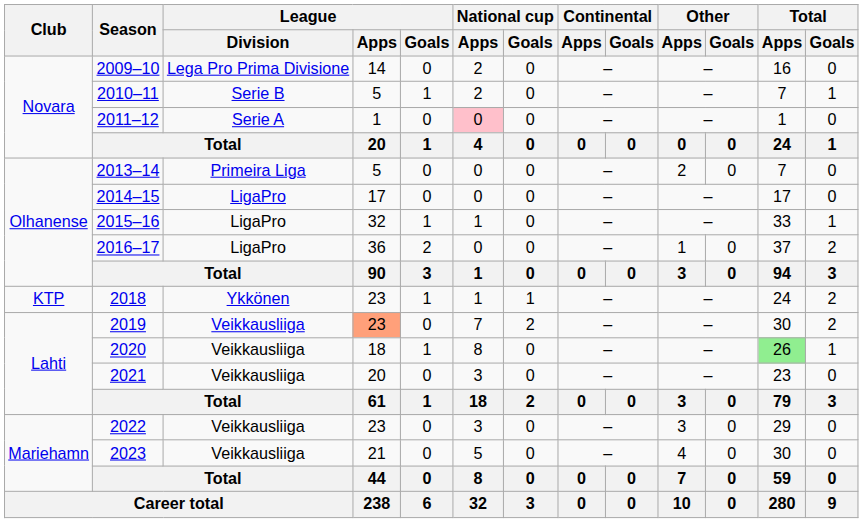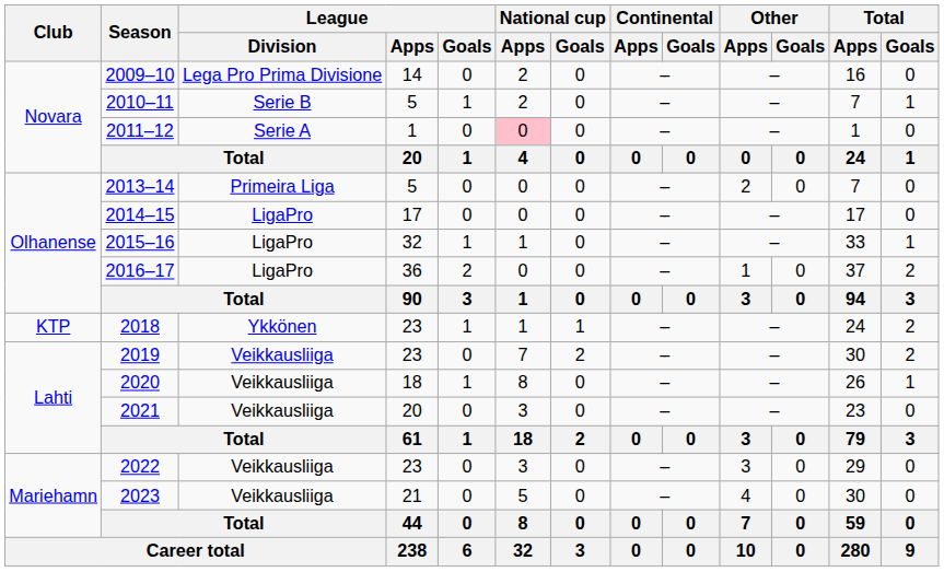 <table class="wikitable" style="text-align:center">
 <tr>
 <th rowspan="2">Club</th>
 <th rowspan="2">Season</th>
 <th colspan="3">League</th>
 <th colspan="2">National cup</th>
 <th colspan="2">Continental</th>
 <th colspan="2">Other</th>
 <th colspan="2">Total</th>
 </tr>
 <tr>
 <th>Division</th>
 <th>Apps</th>
 <th>Goals</th>
 <th>Apps</th>
 <th>Goals</th>
 <th>Apps</th>
 <th>Goals</th>
 <th>Apps</th>
 <th>Goals</th>
 <th>Apps</th>
 <th>Goals</th>
 </tr>
 <tr>
 <td rowspan="4"><a href='#'>Novara</a></td>
 <td><a href='#'>2009–10</a></td>
 <td><a href='#'>Lega Pro Prima Divisione</a></td>
 <td>14</td>
 <td>0</td>
 <td>2</td>
 <td>0</td>
 <td colspan=2>–</td>
 <td colspan=2>–</td>
 <td>16</td>
 <td>0</td>
 </tr>
 <tr>
 <td><a href='#'>2010–11</a></td>
 <td><a href='#'>Serie B</a></td>
 <td>5</td>
 <td>1</td>
 <td>2</td>
 <td>0</td>
 <td colspan=2>–</td>
 <td colspan=2>–</td>
 <td>7</td>
 <td>1</td>
 </tr>
 <tr>
 <td><a href='#'>2011–12</a></td>
 <td><a href='#'>Serie A</a></td>
 <td>1</td>
 <td>0</td>
 <td style="background: pink;">0</td>
 <td>0</td>
 <td colspan=2>–</td>
 <td colspan=2>–</td>
 <td>1</td>
 <td>0</td>
 </tr>
 <tr>
 <th colspan="2">Total</th>
 <th>20</th>
 <th>1</th>
 <th>4</th>
 <th>0</th>
 <th>0</th>
 <th>0</th>
 <th>0</th>
 <th>0</th>
 <th>24</th>
 <th>1</th>
 </tr>
 <tr>
 <td rowspan=5><a href='#'>Olhanense</a></td>
 <td><a href='#'>2013–14</a></td>
 <td><a href='#'>Primeira Liga</a></td>
 <td>5</td>
 <td>0</td>
 <td>0</td>
 <td>0</td>
 <td colspan=2>–</td>
 <td>2</td>
 <td>0</td>
 <td>7</td>
 <td>0</td>
 </tr>
 <tr>
 <td><a href='#'>2014–15</a></td>
 <td><a href='#'>LigaPro</a></td>
 <td>17</td>
 <td>0</td>
 <td>0</td>
 <td>0</td>
 <td colspan=2>–</td>
 <td colspan=2>–</td>
 <td>17</td>
 <td>0</td>
 </tr>
 <tr>
 <td><a href='#'>2015–16</a></td>
 <td>LigaPro</td>
 <td>32</td>
 <td>1</td>
 <td>1</td>
 <td>0</td>
 <td colspan=2>–</td>
 <td colspan=2>–</td>
 <td>33</td>
 <td>1</td>
 </tr>
 <tr>
 <td><a href='#'>2016–17</a></td>
 <td>LigaPro</td>
 <td>36</td>
 <td>2</td>
 <td>0</td>
 <td>0</td>
 <td colspan=2>–</td>
 <td>1</td>
 <td>0</td>
 <td>37</td>
 <td>2</td>
 </tr>
 <tr>
 <th colspan="2">Total</th>
 <th>90</th>
 <th>3</th>
 <th>1</th>
 <th>0</th>
 <th>0</th>
 <th>0</th>
 <th>3</th>
 <th>0</th>
 <th>94</th>
 <th>3</th>
 </tr>
 <tr>
 <td><a href='#'>KTP</a></td>
 <td><a href='#'>2018</a></td>
 <td><a href='#'>Ykkönen</a></td>
 <td>23</td>
 <td>1</td>
 <td>1</td>
 <td>1</td>
 <td colspan=2>–</td>
 <td colspan=2>–</td>
 <td>24</td>
 <td>2</td>
 </tr>
 <tr>
 <td rowspan="4"><a href='#'>Lahti</a></td>
 <td><a href='#'>2019</a></td>
 <td><a href='#'>Veikkausliiga</a></td>
-<td style="background: lightsalmon;">23</td>
+<td>23</td>
 <td>0</td>
 <td>7</td>
 <td>2</td>
 <td colspan=2>–</td>
 <td colspan=2>–</td>
 <td>30</td>
 <td>2</td>
 </tr>
 <tr>
 <td><a href='#'>2020</a></td>
 <td>Veikkausliiga</td>
 <td>18</td>
 <td>1</td>
 <td>8</td>
 <td>0</td>
 <td colspan=2>–</td>
 <td colspan=2>–</td>
-<td style="background: lightgreen;">26</td>
+<td>26</td>
 <td>1</td>
 </tr>
 <tr>
 <td><a href='#'>2021</a></td>
 <td>Veikkausliiga</td>
 <td>20</td>
 <td>0</td>
 <td>3</td>
 <td>0</td>
 <td colspan=2>–</td>
 <td colspan=2>–</td>
 <td>23</td>
 <td>0</td>
 </tr>
 <tr>
 <th colspan="2">Total</th>
 <th>61</th>
 <th>1</th>
 <th>18</th>
 <th>2</th>
 <th>0</th>
 <th>0</th>
 <th>3</th>
 <th>0</th>
 <th>79</th>
 <th>3</th>
 </tr>
 <tr>
 <td rowspan=3><a href='#'>Mariehamn</a></td>
 <td><a href='#'>2022</a></td>
 <td>Veikkausliiga</td>
 <td>23</td>
 <td>0</td>
 <td>3</td>
 <td>0</td>
 <td colspan=2>–</td>
 <td>3</td>
 <td>0</td>
 <td>29</td>
 <td>0</td>
 </tr>
 <tr>
 <td><a href='#'>2023</a></td>
 <td>Veikkausliiga</td>
 <td>21</td>
 <td>0</td>
 <td>5</td>
 <td>0</td>
 <td colspan=2>–</td>
 <td>4</td>
 <td>0</td>
 <td>30</td>
 <td>0</td>
 </tr>
 <tr>
 <th colspan="2">Total</th>
 <th>44</th>
 <th>0</th>
 <th>8</th>
 <th>0</th>
 <th>0</th>
 <th>0</th>
 <th>7</th>
 <th>0</th>
 <th>59</th>
 <th>0</th>
 </tr>
 <tr>
 <th colspan="3">Career total</th>
 <th>238</th>
 <th>6</th>
 <th>32</th>
 <th>3</th>
 <th>0</th>
 <th>0</th>
 <th>10</th>
 <th>0</th>
 <th>280</th>
 <th>9</th>
 </tr>
 </table>
